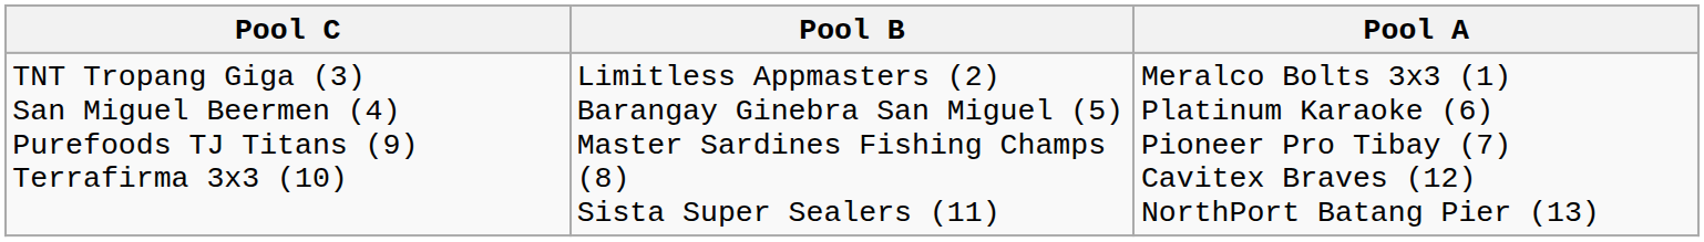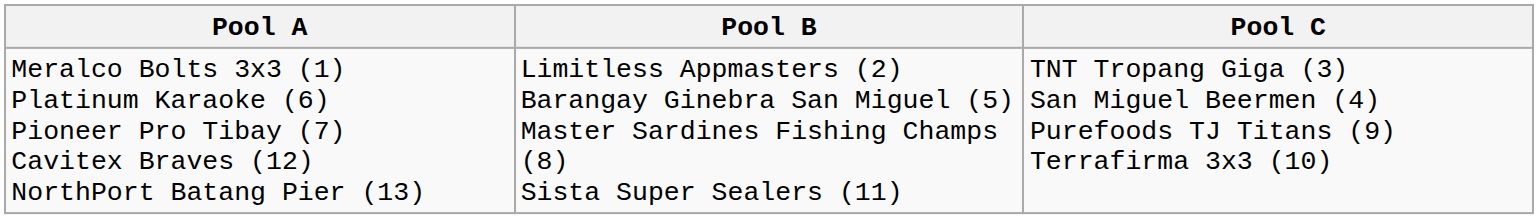 <table class=wikitable width=750>
 <tr>
+<th width=33%>Pool A</th>
+<th width=33%>Pool B</th>
 <th width=33%>Pool C</th>
-<th width=33%>Pool B</th>
-<th width=33%>Pool A</th>
 </tr>
 <tr valign=top>
+<td>Meralco Bolts 3x3 (1) <br> Platinum Karaoke (6) <br> Pioneer Pro Tibay (7) <br> Cavitex Braves (12) <br> NorthPort Batang Pier (13)</td>
+<td>Limitless Appmasters (2) <br> Barangay Ginebra San Miguel (5) <br> Master Sardines Fishing Champs (8) <br> Sista Super Sealers (11)</td>
 <td>TNT Tropang Giga (3) <br> San Miguel Beermen (4) <br> Purefoods TJ Titans (9) <br> Terrafirma 3x3 (10)</td>
-<td>Limitless Appmasters (2) <br> Barangay Ginebra San Miguel (5) <br> Master Sardines Fishing Champs (8) <br> Sista Super Sealers (11)</td>
-<td>Meralco Bolts 3x3 (1) <br> Platinum Karaoke (6) <br> Pioneer Pro Tibay (7) <br> Cavitex Braves (12) <br> NorthPort Batang Pier (13)</td>
 </tr>
 </table>
